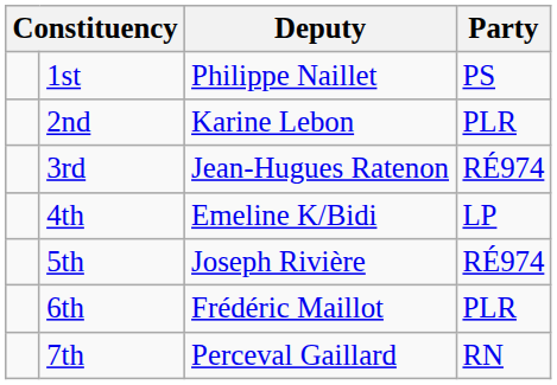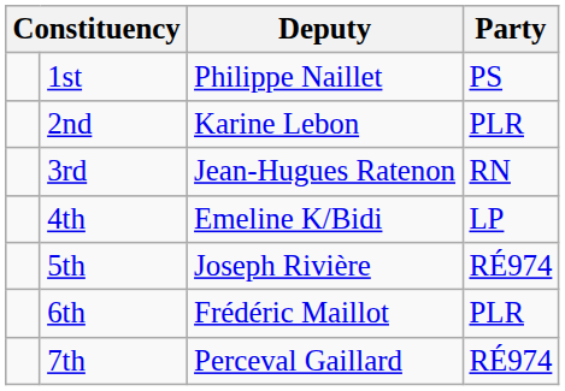 <table class="wikitable">
 <tr>
 <th colspan="2">Constituency</th>
 <th>Deputy</th>
 <th>Party</th>
 </tr>
 <tr>
 <td style="background-color: "></td>
 <td><a href='#'>1st</a></td>
 <td><a href='#'>Philippe Naillet</a></td>
 <td><a href='#'>PS</a></td>
 </tr>
 <tr>
 <td style="background-color: "></td>
 <td><a href='#'>2nd</a></td>
 <td><a href='#'>Karine Lebon</a></td>
 <td><a href='#'>PLR</a></td>
 </tr>
 <tr>
 <td style="background-color: "></td>
 <td><a href='#'>3rd</a></td>
 <td><a href='#'>Jean-Hugues Ratenon</a></td>
-<td><a href='#'>RÉ974</a></td>
+<td><a href='#'>RN</a></td>
 </tr>
 <tr>
 <td style="background-color: "></td>
 <td><a href='#'>4th</a></td>
 <td><a href='#'>Emeline K/Bidi</a></td>
 <td><a href='#'>LP</a></td>
 </tr>
 <tr>
 <td style="background-color: "></td>
 <td><a href='#'>5th</a></td>
 <td><a href='#'>Joseph Rivière</a></td>
 <td><a href='#'>RÉ974</a></td>
 </tr>
 <tr>
 <td style="background-color: "></td>
 <td><a href='#'>6th</a></td>
 <td><a href='#'>Frédéric Maillot</a></td>
 <td><a href='#'>PLR</a></td>
 </tr>
 <tr>
 <td style="background-color: "></td>
 <td><a href='#'>7th</a></td>
 <td><a href='#'>Perceval Gaillard</a></td>
-<td><a href='#'>RN</a></td>
+<td><a href='#'>RÉ974</a></td>
 </tr>
 </table>
